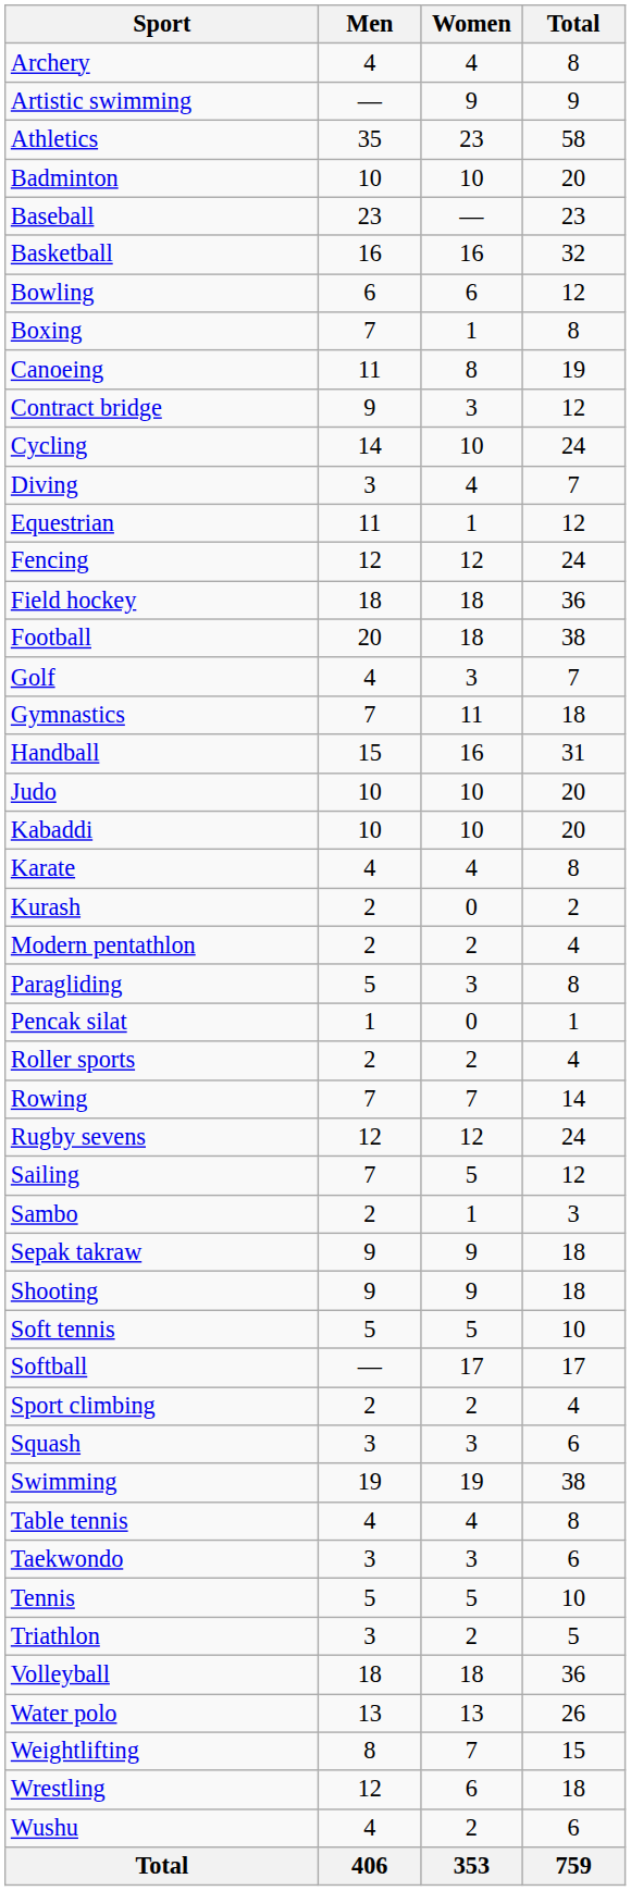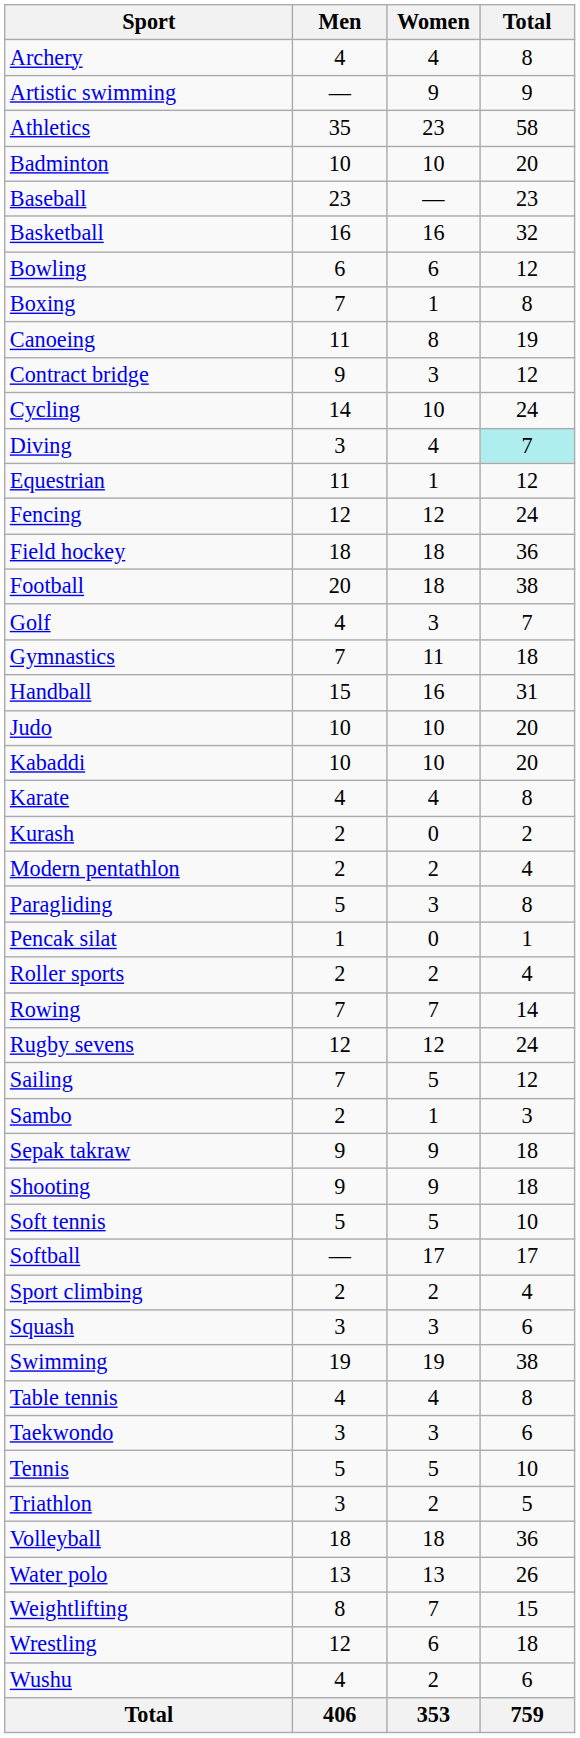 <table class="wikitable" style="text-align:center;">
 <tr>
 <th width=200>Sport</th>
 <th width=60>Men</th>
 <th width=60>Women</th>
 <th width=60>Total</th>
 </tr>
 <tr>
 <td style="text-align:left"><a href='#'>Archery</a></td>
 <td>4</td>
 <td>4</td>
 <td>8</td>
 </tr>
 <tr>
 <td style="text-align:left"><a href='#'>Artistic swimming</a></td>
 <td>—</td>
 <td>9</td>
 <td>9</td>
 </tr>
 <tr>
 <td style="text-align:left"><a href='#'>Athletics</a></td>
 <td>35</td>
 <td>23</td>
 <td>58</td>
 </tr>
 <tr>
 <td style="text-align:left"><a href='#'>Badminton</a></td>
 <td>10</td>
 <td>10</td>
 <td>20</td>
 </tr>
 <tr>
 <td style="text-align:left"><a href='#'>Baseball</a></td>
 <td>23</td>
 <td>—</td>
 <td>23</td>
 </tr>
 <tr>
 <td style="text-align:left"><a href='#'>Basketball</a></td>
 <td>16</td>
 <td>16</td>
 <td>32</td>
 </tr>
 <tr>
 <td style="text-align:left"><a href='#'>Bowling</a></td>
 <td>6</td>
 <td>6</td>
 <td>12</td>
 </tr>
 <tr>
 <td style="text-align:left"><a href='#'>Boxing</a></td>
 <td>7</td>
 <td>1</td>
 <td>8</td>
 </tr>
 <tr>
 <td style="text-align:left"><a href='#'>Canoeing</a></td>
 <td>11</td>
 <td>8</td>
 <td>19</td>
 </tr>
 <tr>
 <td style="text-align:left"><a href='#'>Contract bridge</a></td>
 <td>9</td>
 <td>3</td>
 <td>12</td>
 </tr>
 <tr>
 <td style="text-align:left"><a href='#'>Cycling</a></td>
 <td>14</td>
 <td>10</td>
 <td>24</td>
 </tr>
 <tr>
 <td style="text-align:left"><a href='#'>Diving</a></td>
 <td>3</td>
 <td>4</td>
-<td>7</td>
+<td style="background: paleturquoise;">7</td>
 </tr>
 <tr>
 <td style="text-align:left"><a href='#'>Equestrian</a></td>
 <td>11</td>
 <td>1</td>
 <td>12</td>
 </tr>
 <tr>
 <td style="text-align:left"><a href='#'>Fencing</a></td>
 <td>12</td>
 <td>12</td>
 <td>24</td>
 </tr>
 <tr>
 <td style="text-align:left"><a href='#'>Field hockey</a></td>
 <td>18</td>
 <td>18</td>
 <td>36</td>
 </tr>
 <tr>
 <td style="text-align:left"><a href='#'>Football</a></td>
 <td>20</td>
 <td>18</td>
 <td>38</td>
 </tr>
 <tr>
 <td style="text-align:left"><a href='#'>Golf</a></td>
 <td>4</td>
 <td>3</td>
 <td>7</td>
 </tr>
 <tr>
 <td style="text-align:left"><a href='#'>Gymnastics</a></td>
 <td>7</td>
 <td>11</td>
 <td>18</td>
 </tr>
 <tr>
 <td style="text-align:left"><a href='#'>Handball</a></td>
 <td>15</td>
 <td>16</td>
 <td>31</td>
 </tr>
 <tr>
 <td style="text-align:left"><a href='#'>Judo</a></td>
 <td>10</td>
 <td>10</td>
 <td>20</td>
 </tr>
 <tr>
 <td style="text-align:left"><a href='#'>Kabaddi</a></td>
 <td>10</td>
 <td>10</td>
 <td>20</td>
 </tr>
 <tr>
 <td style="text-align:left"><a href='#'>Karate</a></td>
 <td>4</td>
 <td>4</td>
 <td>8</td>
 </tr>
 <tr>
 <td style="text-align:left"><a href='#'>Kurash</a></td>
 <td>2</td>
 <td>0</td>
 <td>2</td>
 </tr>
 <tr>
 <td style="text-align:left"><a href='#'>Modern pentathlon</a></td>
 <td>2</td>
 <td>2</td>
 <td>4</td>
 </tr>
 <tr>
 <td style="text-align:left"><a href='#'>Paragliding</a></td>
 <td>5</td>
 <td>3</td>
 <td>8</td>
 </tr>
 <tr>
 <td style="text-align:left"><a href='#'>Pencak silat</a></td>
 <td>1</td>
 <td>0</td>
 <td>1</td>
 </tr>
 <tr>
 <td style="text-align:left"><a href='#'>Roller sports</a></td>
 <td>2</td>
 <td>2</td>
 <td>4</td>
 </tr>
 <tr>
 <td style="text-align:left"><a href='#'>Rowing</a></td>
 <td>7</td>
 <td>7</td>
 <td>14</td>
 </tr>
 <tr>
 <td style="text-align:left"><a href='#'>Rugby sevens</a></td>
 <td>12</td>
 <td>12</td>
 <td>24</td>
 </tr>
 <tr>
 <td style="text-align:left"><a href='#'>Sailing</a></td>
 <td>7</td>
 <td>5</td>
 <td>12</td>
 </tr>
 <tr>
 <td style="text-align:left"><a href='#'>Sambo</a></td>
 <td>2</td>
 <td>1</td>
 <td>3</td>
 </tr>
 <tr>
 <td style="text-align:left"><a href='#'>Sepak takraw</a></td>
 <td>9</td>
 <td>9</td>
 <td>18</td>
 </tr>
 <tr>
 <td style="text-align:left"><a href='#'>Shooting</a></td>
 <td>9</td>
 <td>9</td>
 <td>18</td>
 </tr>
 <tr>
 <td style="text-align:left"><a href='#'>Soft tennis</a></td>
 <td>5</td>
 <td>5</td>
 <td>10</td>
 </tr>
 <tr>
 <td style="text-align:left"><a href='#'>Softball</a></td>
 <td>—</td>
 <td>17</td>
 <td>17</td>
 </tr>
 <tr>
 <td style="text-align:left"><a href='#'>Sport climbing</a></td>
 <td>2</td>
 <td>2</td>
 <td>4</td>
 </tr>
 <tr>
 <td style="text-align:left"><a href='#'>Squash</a></td>
 <td>3</td>
 <td>3</td>
 <td>6</td>
 </tr>
 <tr>
 <td style="text-align:left"><a href='#'>Swimming</a></td>
 <td>19</td>
 <td>19</td>
 <td>38</td>
 </tr>
 <tr>
 <td style="text-align:left"><a href='#'>Table tennis</a></td>
 <td>4</td>
 <td>4</td>
 <td>8</td>
 </tr>
 <tr>
 <td style="text-align:left"><a href='#'>Taekwondo</a></td>
 <td>3</td>
 <td>3</td>
 <td>6</td>
 </tr>
 <tr>
 <td style="text-align:left"><a href='#'>Tennis</a></td>
 <td>5</td>
 <td>5</td>
 <td>10</td>
 </tr>
 <tr>
 <td style="text-align:left"><a href='#'>Triathlon</a></td>
 <td>3</td>
 <td>2</td>
 <td>5</td>
 </tr>
 <tr>
 <td style="text-align:left"><a href='#'>Volleyball</a></td>
 <td>18</td>
 <td>18</td>
 <td>36</td>
 </tr>
 <tr>
 <td style="text-align:left"><a href='#'>Water polo</a></td>
 <td>13</td>
 <td>13</td>
 <td>26</td>
 </tr>
 <tr>
 <td style="text-align:left"><a href='#'>Weightlifting</a></td>
 <td>8</td>
 <td>7</td>
 <td>15</td>
 </tr>
 <tr>
 <td style="text-align:left"><a href='#'>Wrestling</a></td>
 <td>12</td>
 <td>6</td>
 <td>18</td>
 </tr>
 <tr>
 <td style="text-align:left"><a href='#'>Wushu</a></td>
 <td>4</td>
 <td>2</td>
 <td>6</td>
 </tr>
 <tr>
 <th>Total</th>
 <th>406</th>
 <th>353</th>
 <th>759</th>
 </tr>
 </table>
